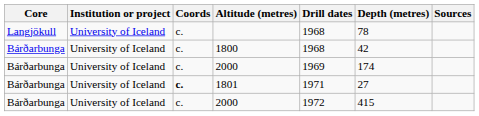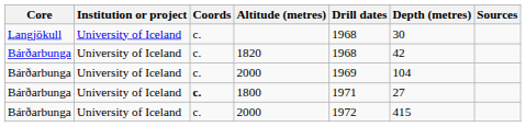 <table class="wikitable sortable">
 <tr>
 <th>Core</th>
 <th>Institution or project</th>
 <th>Coords</th>
 <th>Altitude (metres)</th>
 <th>Drill dates</th>
 <th>Depth (metres)</th>
 <th>Sources</th>
 </tr>
 <tr>
 <td><a href='#'>Langjökull</a></td>
 <td><a href='#'>University of Iceland</a></td>
 <td>c. </td>
 <td></td>
 <td>1968</td>
-<td>78</td>
+<td>30</td>
 <td></td>
 </tr>
 <tr>
 <td><a href='#'>Bárðarbunga</a></td>
 <td>University of Iceland</td>
 <td>c. </td>
-<td>1800</td>
+<td>1820</td>
 <td>1968</td>
 <td>42</td>
 <td></td>
 </tr>
 <tr>
 <td>Bárðarbunga</td>
 <td>University of Iceland</td>
 <td>c. </td>
 <td>2000</td>
 <td>1969</td>
-<td>174</td>
+<td>104</td>
 <td></td>
 </tr>
 <tr>
 <td>Bárðarbunga</td>
 <td>University of Iceland</td>
 <td><strong>c. </strong></td>
-<td>1801</td>
+<td>1800</td>
 <td>1971</td>
 <td>27</td>
 <td></td>
 </tr>
 <tr>
 <td>Bárðarbunga</td>
 <td>University of Iceland</td>
 <td>c. </td>
 <td>2000</td>
 <td>1972</td>
 <td>415</td>
 <td></td>
 </tr>
 </table>
